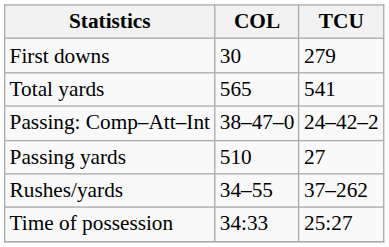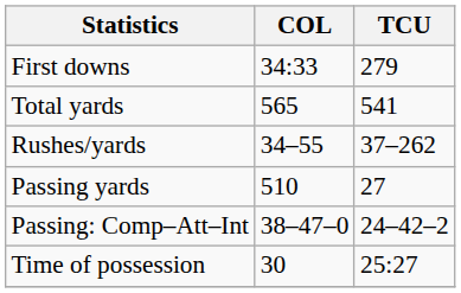 <table class="wikitable" style="float: left;">
 <tr>
 <th>Statistics</th>
 <th>COL</th>
 <th>TCU</th>
 </tr>
 <tr>
 <td>First downs</td>
-<td>30</td>
+<td>34:33</td>
 <td>279</td>
 </tr>
 <tr>
 <td>Total yards</td>
 <td>565</td>
 <td>541</td>
 </tr>
 <tr>
-<td>Passing: Comp–Att–Int</td>
-<td>38–47–0</td>
-<td>24–42–2</td>
+<td>Rushes/yards</td>
+<td>34–55</td>
+<td>37–262</td>
 </tr>
 <tr>
 <td>Passing yards</td>
 <td>510</td>
 <td>27</td>
 </tr>
 <tr>
-<td>Rushes/yards</td>
-<td>34–55</td>
-<td>37–262</td>
+<td>Passing: Comp–Att–Int</td>
+<td>38–47–0</td>
+<td>24–42–2</td>
 </tr>
 <tr>
 <td>Time of possession</td>
-<td>34:33</td>
+<td>30</td>
 <td>25:27</td>
 </tr>
 <tr>
 </tr>
 </table>
